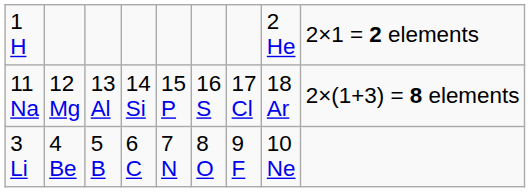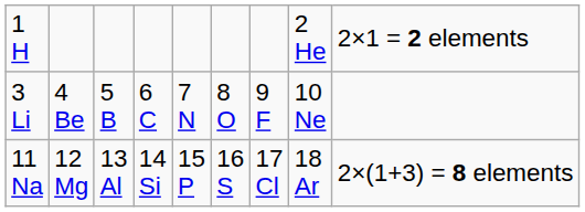 <table class="wikitable" style="margin:auto;">
 <tr>
 <td>1<br><a href='#'>H</a></td>
 <td></td>
 <td></td>
 <td></td>
 <td></td>
 <td></td>
 <td></td>
 <td>2<br><a href='#'>He</a></td>
 <td>2×1 = <strong>2</strong> elements<br> </td>
 </tr>
 <tr>
+<td>3<br><a href='#'>Li</a></td>
+<td>4<br><a href='#'>Be</a></td>
+<td>5<br><a href='#'>B</a></td>
+<td>6<br><a href='#'>C</a></td>
+<td>7<br><a href='#'>N</a></td>
+<td>8<br><a href='#'>O</a></td>
+<td>9<br><a href='#'>F</a></td>
+<td>10<br><a href='#'>Ne</a></td>
+<td><br> </td>
+</tr>
+<tr>
 <td>11<br><a href='#'>Na</a></td>
 <td>12<br><a href='#'>Mg</a></td>
 <td>13<br><a href='#'>Al</a></td>
 <td>14<br><a href='#'>Si</a></td>
 <td>15<br><a href='#'>P</a></td>
 <td>16<br><a href='#'>S</a></td>
 <td>17<br><a href='#'>Cl</a></td>
 <td>18<br><a href='#'>Ar</a></td>
 <td>2×(1+3) = <strong>8</strong> elements<br> </td>
 </tr>
-<tr>
-<td>3<br><a href='#'>Li</a></td>
-<td>4<br><a href='#'>Be</a></td>
-<td>5<br><a href='#'>B</a></td>
-<td>6<br><a href='#'>C</a></td>
-<td>7<br><a href='#'>N</a></td>
-<td>8<br><a href='#'>O</a></td>
-<td>9<br><a href='#'>F</a></td>
-<td>10<br><a href='#'>Ne</a></td>
-<td><br> </td>
-</tr>
 </table>
